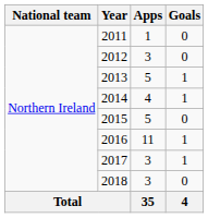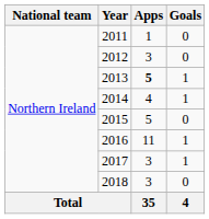 <table class="wikitable" style="text-align:center">
 <tr>
 <th>National team</th>
 <th>Year</th>
 <th>Apps</th>
 <th>Goals</th>
 </tr>
 <tr>
 <td rowspan="8"><a href='#'>Northern Ireland</a></td>
 <td>2011</td>
 <td>1</td>
 <td>0</td>
 </tr>
 <tr>
 <td>2012</td>
 <td>3</td>
 <td>0</td>
 </tr>
 <tr>
 <td>2013</td>
-<td>5</td>
+<td><strong>5</strong></td>
 <td>1</td>
 </tr>
 <tr>
 <td>2014</td>
 <td>4</td>
 <td>1</td>
 </tr>
 <tr>
 <td>2015</td>
 <td>5</td>
 <td>0</td>
 </tr>
 <tr>
 <td>2016</td>
 <td>11</td>
 <td>1</td>
 </tr>
 <tr>
 <td>2017</td>
 <td>3</td>
 <td>1</td>
 </tr>
 <tr>
 <td>2018</td>
 <td>3</td>
 <td>0</td>
 </tr>
 <tr>
 <th colspan="2">Total</th>
 <th>35</th>
 <th>4</th>
 </tr>
 </table>
